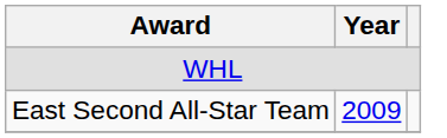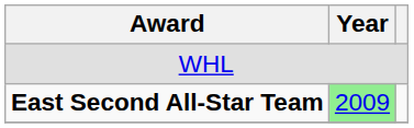 <table class="wikitable">
 <tr>
 <th>Award</th>
 <th>Year</th>
 <th></th>
 </tr>
 <tr ALIGN="center" bgcolor="#e0e0e0">
 <td colspan="3"><a href='#'>WHL</a></td>
 </tr>
 <tr>
-<td>East Second All-Star Team</td>
-<td><a href='#'>2009</a></td>
+<td><strong>East Second All-Star Team</strong></td>
+<td style="background: lightgreen;"><a href='#'>2009</a></td>
 <td></td>
 </tr>
 <tr>
 </tr>
 </table>
